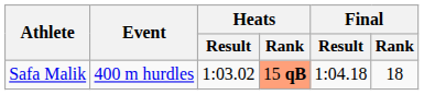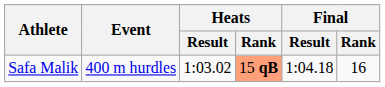 <table class="wikitable" style="font-size:90%">
 <tr>
 <th rowspan=2>Athlete</th>
 <th rowspan=2>Event</th>
 <th colspan=2>Heats</th>
 <th colspan=2>Final</th>
 </tr>
 <tr style="font-size:95%">
 <th>Result</th>
 <th>Rank</th>
 <th>Result</th>
 <th>Rank</th>
 </tr>
 <tr align=center>
 <td align=left><a href='#'>Safa Malik</a></td>
 <td align=left><a href='#'>400 m hurdles</a></td>
 <td>1:03.02</td>
 <td style="background: lightsalmon;">15 <strong>qB</strong></td>
 <td>1:04.18</td>
-<td>18</td>
+<td>16</td>
 </tr>
 </table>
